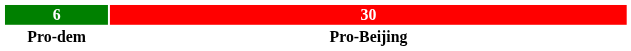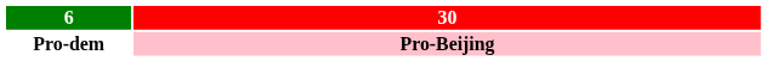 <table style="width:50%; text-align:center;">
 <tr style="color:white;">
 <td style="background:green; width:16.67%;"><strong>6</strong></td>
 <td style="background:red; width:83.33%;"><strong>30</strong></td>
 </tr>
 <tr>
 <td><span><strong>Pro-dem</strong></span></td>
-<td><span><strong>Pro-Beijing</strong></span></td>
+<td style="background: pink;"><span><strong>Pro-Beijing</strong></span></td>
 </tr>
 </table>
